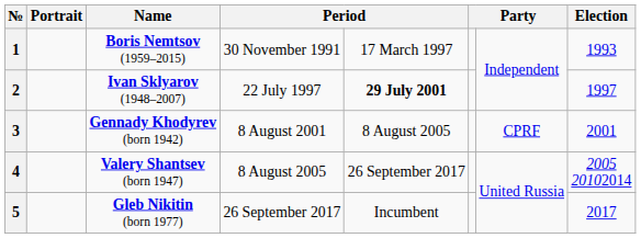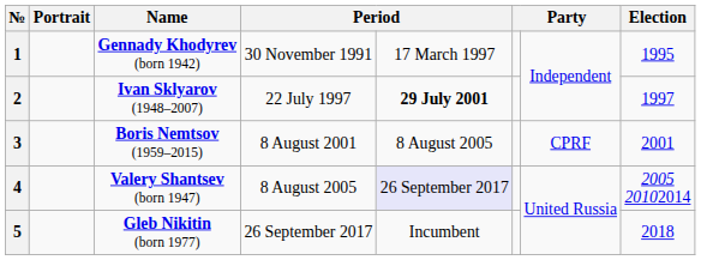 <table class="wikitable" style="text-align:center">
 <tr>
 <th>№</th>
 <th>Portrait</th>
 <th>Name</th>
 <th colspan="2">Period</th>
 <th colspan="2">Party</th>
 <th>Election</th>
 </tr>
 <tr>
 <th>1</th>
 <td></td>
-<td><strong><a href='#'>Boris Nemtsov</a></strong><br><small>(1959–2015)</small></td>
+<td><strong><a href='#'>Gennady Khodyrev</a></strong><br><small>(born 1942)</small></td>
 <td>30 November 1991</td>
 <td>17 March 1997</td>
 <td style="background: "></td>
 <td rowspan="2"><a href='#'>Independent</a></td>
-<td><a href='#'>1993</a></td>
+<td><a href='#'>1995</a></td>
 </tr>
 <tr>
 <th>2</th>
 <td></td>
 <td><strong><a href='#'>Ivan Sklyarov</a></strong><br><small>(1948–2007)</small></td>
 <td>22 July 1997</td>
 <td><strong>29 July 2001</strong></td>
 <td style="background: "></td>
 <td><a href='#'>1997</a></td>
 </tr>
 <tr>
 <th>3</th>
 <td></td>
-<td><strong><a href='#'>Gennady Khodyrev</a></strong><br><small>(born 1942)</small></td>
+<td><strong><a href='#'>Boris Nemtsov</a></strong><br><small>(1959–2015)</small></td>
 <td>8 August 2001</td>
 <td>8 August 2005</td>
 <td style="background: "></td>
 <td><a href='#'>CPRF</a></td>
 <td><a href='#'>2001</a></td>
 </tr>
 <tr>
 <th>4</th>
 <td></td>
 <td><strong><a href='#'>Valery Shantsev</a></strong><br><small>(born 1947)</small></td>
 <td>8 August 2005</td>
-<td>26 September 2017</td>
+<td style="background: lavender;">26 September 2017</td>
 <td style="background: "></td>
 <td rowspan="2"><a href='#'>United Russia</a></td>
 <td><em><a href='#'>2005</a></em><br><em><a href='#'>2010</a></em><a href='#'>2014</a></td>
 </tr>
 <tr>
 <th>5</th>
 <td></td>
 <td><strong><a href='#'>Gleb Nikitin</a></strong><br><small>(born 1977)</small></td>
 <td>26 September 2017</td>
 <td>Incumbent</td>
 <td style="background: "></td>
-<td><a href='#'>2017</a></td>
+<td><a href='#'>2018</a></td>
 </tr>
 </table>
